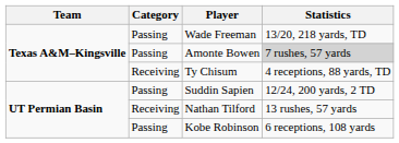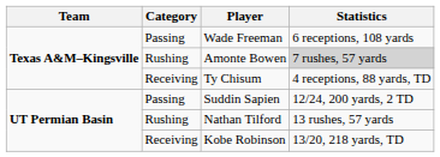 <table class="wikitable" style="float: right;">
 <tr>
 <th>Team</th>
 <th>Category</th>
 <th>Player</th>
 <th>Statistics</th>
 </tr>
 <tr>
 <td rowspan=3><strong>Texas A&M–Kingsville</strong></td>
 <td>Passing</td>
 <td>Wade Freeman</td>
-<td>13/20, 218 yards, TD</td>
+<td>6 receptions, 108 yards</td>
 </tr>
 <tr>
-<td>Passing</td>
+<td>Rushing</td>
 <td>Amonte Bowen</td>
 <td style="background: lightgrey;">7 rushes, 57 yards</td>
 </tr>
 <tr>
 <td>Receiving</td>
 <td>Ty Chisum</td>
 <td>4 receptions, 88 yards, TD</td>
 </tr>
 <tr>
 <td rowspan=3><strong>UT Permian Basin</strong></td>
 <td>Passing</td>
 <td>Suddin Sapien</td>
 <td>12/24, 200 yards, 2 TD</td>
 </tr>
 <tr>
-<td>Receiving</td>
+<td>Rushing</td>
 <td>Nathan Tilford</td>
 <td>13 rushes, 57 yards</td>
 </tr>
 <tr>
-<td>Passing</td>
+<td>Receiving</td>
 <td>Kobe Robinson</td>
-<td>6 receptions, 108 yards</td>
+<td>13/20, 218 yards, TD</td>
 </tr>
 </table>
